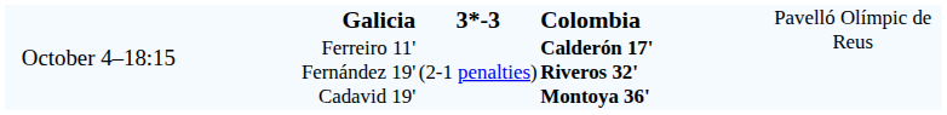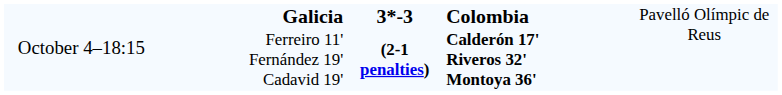 <table style="width: 100%; background:#F5FAFF;" cellspacing="0">
 <tr>
 <td style=font-size:95% align=center rowspan=3 width=20%>October 4–18:15</td>
 </tr>
 <tr>
 <td width=24% align=right><strong>Galicia</strong></td>
 <td align=center width=13%><strong>3*-3</strong></td>
 <td width=24%><strong>Colombia</strong></td>
 <td style=font-size:85% rowspan=3 valign=top align=center>Pavelló Olímpic de Reus</td>
 </tr>
 <tr style=font-size:85%>
 <td align=right valign=top>Ferreiro 11'<br>Fernández 19'<br>Cadavid 19'</td>
-<td align=center>(2-1 <a href='#'>penalties</a>)</td>
+<td align=center><strong>(2-1 <a href='#'>penalties</a>)</strong></td>
 <td valign=top><strong>Calderón 17'<br>Riveros 32'<br>Montoya 36'</strong></td>
 </tr>
 </table>
